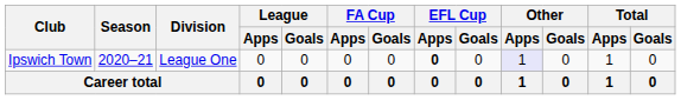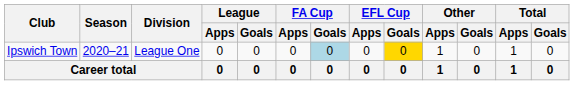 <table class="wikitable" style="text-align:center">
 <tr>
 <th rowspan="2">Club</th>
 <th rowspan="2">Season</th>
 <th rowspan="2">Division</th>
 <th colspan="2">League</th>
 <th colspan="2"><a href='#'>FA Cup</a></th>
 <th colspan="2"><a href='#'>EFL Cup</a></th>
 <th colspan="2">Other</th>
 <th colspan="2">Total</th>
 </tr>
 <tr>
 <th>Apps</th>
 <th>Goals</th>
 <th>Apps</th>
 <th>Goals</th>
 <th>Apps</th>
 <th>Goals</th>
 <th>Apps</th>
 <th>Goals</th>
 <th>Apps</th>
 <th>Goals</th>
 </tr>
 <tr>
 <td><a href='#'>Ipswich Town</a></td>
 <td><a href='#'>2020–21</a></td>
 <td><a href='#'>League One</a></td>
 <td>0</td>
 <td>0</td>
 <td>0</td>
+<td style="background: lightblue;">0</td>
 <td>0</td>
-<td><strong>0</strong></td>
-<td>0</td>
-<td style="background: lavender;">1</td>
+<td style="background: gold;">0</td>
+<td>1</td>
 <td>0</td>
 <td>1</td>
 <td>0</td>
 </tr>
 <tr>
 <th colspan=3>Career total</th>
 <th>0</th>
 <th>0</th>
 <th>0</th>
 <th>0</th>
 <th>0</th>
 <th>0</th>
 <th>1</th>
 <th>0</th>
 <th>1</th>
 <th>0</th>
 </tr>
 </table>
